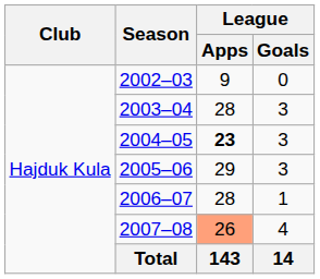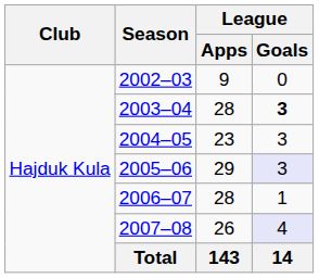 <table class="wikitable" style="text-align:center">
 <tr>
 <th rowspan="2">Club</th>
 <th rowspan="2">Season</th>
 <th colspan="2">League</th>
 </tr>
 <tr>
 <th>Apps</th>
 <th>Goals</th>
 </tr>
 <tr>
 <td rowspan="7"><a href='#'>Hajduk Kula</a></td>
 <td><a href='#'>2002–03</a></td>
 <td>9</td>
 <td>0</td>
 </tr>
 <tr>
 <td><a href='#'>2003–04</a></td>
 <td>28</td>
-<td>3</td>
+<td><strong>3</strong></td>
 </tr>
 <tr>
 <td><a href='#'>2004–05</a></td>
-<td><strong>23</strong></td>
+<td>23</td>
 <td>3</td>
 </tr>
 <tr>
 <td><a href='#'>2005–06</a></td>
 <td>29</td>
-<td>3</td>
+<td style="background: lavender;">3</td>
 </tr>
 <tr>
 <td><a href='#'>2006–07</a></td>
 <td>28</td>
 <td>1</td>
 </tr>
 <tr>
 <td><a href='#'>2007–08</a></td>
-<td style="background: lightsalmon;">26</td>
-<td>4</td>
+<td>26</td>
+<td style="background: lavender;">4</td>
 </tr>
 <tr>
 <th>Total</th>
 <th>143</th>
 <th>14</th>
 </tr>
 </table>
